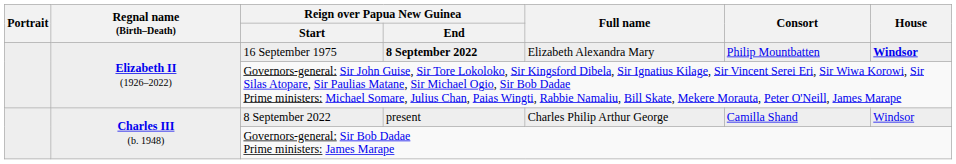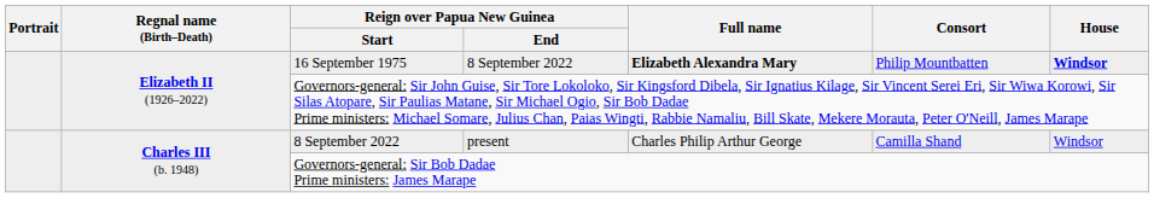 <table class="wikitable" style="width:100%;">
 <tr>
 <th rowspan="2">Portrait</th>
 <th rowspan="2" style="width:20%;">Regnal name<br><small>(Birth–Death)</small></th>
 <th colspan=2>Reign over Papua New Guinea</th>
 <th rowspan="2">Full name</th>
 <th rowspan="2">Consort</th>
 <th rowspan="2">House</th>
 </tr>
 <tr>
 <th>Start</th>
 <th>End</th>
 </tr>
 <tr style="background:#eee;">
 <td rowspan="2" style="text-align:center;"></td>
 <td rowspan="2" style="text-align:center;"><strong><a href='#'>Elizabeth II</a></strong><br><small>(1926–2022)</small></td>
 <td>16 September 1975</td>
-<td><strong>8 September 2022</strong></td>
-<td>Elizabeth Alexandra Mary</td>
+<td>8 September 2022</td>
+<td><strong>Elizabeth Alexandra Mary</strong></td>
 <td><a href='#'>Philip Mountbatten</a></td>
 <td><strong><a href='#'>Windsor</a></strong></td>
 </tr>
 <tr>
 <td colspan="5"><u>Governors-general:</u> <a href='#'>Sir John Guise</a>, <a href='#'>Sir Tore Lokoloko</a>, <a href='#'>Sir Kingsford Dibela</a>, <a href='#'>Sir Ignatius Kilage</a>, <a href='#'>Sir Vincent Serei Eri</a>, <a href='#'>Sir Wiwa Korowi</a>, <a href='#'>Sir Silas Atopare</a>, <a href='#'>Sir Paulias Matane</a>, <a href='#'>Sir Michael Ogio</a>, <a href='#'>Sir Bob Dadae</a><br><u>Prime ministers:</u> <a href='#'>Michael Somare</a>, <a href='#'>Julius Chan</a>, <a href='#'>Paias Wingti</a>, <a href='#'>Rabbie Namaliu</a>, <a href='#'>Bill Skate</a>, <a href='#'>Mekere Morauta</a>, <a href='#'>Peter O'Neill</a>, <a href='#'>James Marape</a></td>
 </tr>
 <tr style="background:#eee;">
 <td rowspan="2" style="text-align:center;"></td>
 <td rowspan="2" style="text-align:center;"><strong><a href='#'>Charles III</a></strong><br><small>(b. 1948)</small></td>
 <td>8 September 2022</td>
 <td>present</td>
 <td>Charles Philip Arthur George</td>
 <td><a href='#'>Camilla Shand</a></td>
 <td><a href='#'>Windsor</a></td>
 </tr>
 <tr>
 <td colspan="5"><u>Governors-general:</u> <a href='#'>Sir Bob Dadae</a><br><u>Prime ministers:</u> <a href='#'>James Marape</a></td>
 </tr>
 </table>
